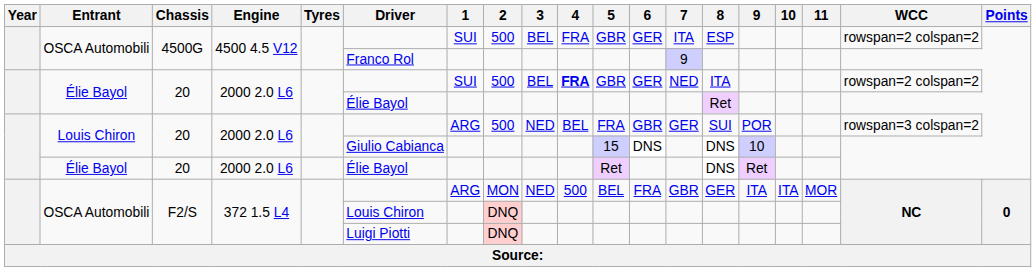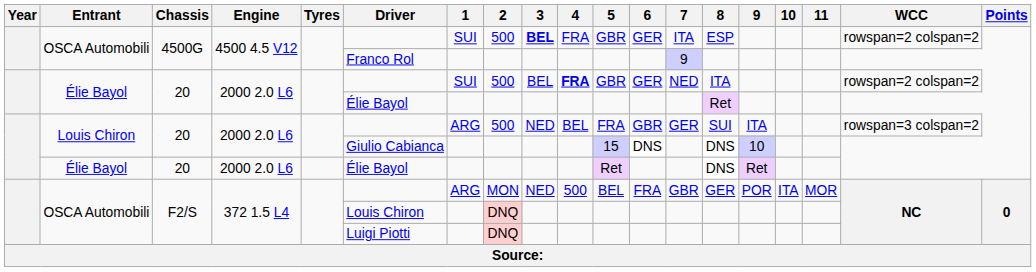 <table class="wikitable" style="text-align:center; font-size:90%">
 <tr>
 <th>Year</th>
 <th>Entrant</th>
 <th>Chassis</th>
 <th>Engine</th>
 <th>Tyres</th>
 <th>Driver</th>
 <th>1</th>
 <th>2</th>
 <th>3</th>
 <th>4</th>
 <th>5</th>
 <th>6</th>
 <th>7</th>
 <th>8</th>
 <th>9</th>
 <th>10</th>
 <th>11</th>
 <th>WCC</th>
 <th><a href='#'>Points</a></th>
 </tr>
 <tr>
 <th rowspan=2></th>
 <td rowspan=2>OSCA Automobili</td>
 <td rowspan=2>4500G</td>
 <td rowspan=2>4500 4.5 <a href='#'>V12</a></td>
 <td rowspan=2></td>
 <td></td>
 <td><a href='#'>SUI</a></td>
 <td><a href='#'>500</a></td>
-<td><a href='#'>BEL</a></td>
+<td><strong><a href='#'>BEL</a></strong></td>
 <td><a href='#'>FRA</a></td>
 <td><a href='#'>GBR</a></td>
 <td><a href='#'>GER</a></td>
 <td><a href='#'>ITA</a></td>
 <td><a href='#'>ESP</a></td>
 <td></td>
 <td></td>
 <td></td>
 <td>rowspan=2 colspan=2 </td>
 </tr>
 <tr>
 <td align="left"> <a href='#'>Franco Rol</a></td>
 <td></td>
 <td></td>
 <td></td>
 <td></td>
 <td></td>
 <td></td>
 <td style="background:#cfcfff;">9</td>
 <td></td>
 <td></td>
 <td></td>
 <td></td>
 </tr>
 <tr>
 <th rowspan=2></th>
 <td rowspan=2><a href='#'>Élie Bayol</a></td>
 <td rowspan=2>20</td>
 <td rowspan=2>2000 2.0 <a href='#'>L6</a></td>
 <td rowspan=2></td>
 <td></td>
 <td><a href='#'>SUI</a></td>
 <td><a href='#'>500</a></td>
 <td><a href='#'>BEL</a></td>
 <td><strong><a href='#'>FRA</a></strong></td>
 <td><a href='#'>GBR</a></td>
 <td><a href='#'>GER</a></td>
 <td><a href='#'>NED</a></td>
 <td><a href='#'>ITA</a></td>
 <td></td>
 <td></td>
 <td></td>
 <td>rowspan=2 colspan=2 </td>
 </tr>
 <tr>
 <td align="left"> <a href='#'>Élie Bayol</a></td>
 <td></td>
 <td></td>
 <td></td>
 <td></td>
 <td></td>
 <td></td>
 <td></td>
 <td style="background:#efcfff;">Ret</td>
 <td></td>
 <td></td>
 <td></td>
 </tr>
 <tr>
 <th rowspan=3></th>
 <td rowspan=2><a href='#'>Louis Chiron</a></td>
 <td rowspan=2>20</td>
 <td rowspan=2>2000 2.0 <a href='#'>L6</a></td>
 <td rowspan=2></td>
 <td></td>
 <td><a href='#'>ARG</a></td>
 <td><a href='#'>500</a></td>
 <td><a href='#'>NED</a></td>
 <td><a href='#'>BEL</a></td>
 <td><a href='#'>FRA</a></td>
 <td><a href='#'>GBR</a></td>
 <td><a href='#'>GER</a></td>
 <td><a href='#'>SUI</a></td>
-<td><a href='#'>POR</a></td>
+<td><a href='#'>ITA</a></td>
 <td></td>
 <td></td>
 <td>rowspan=3 colspan=2 </td>
 </tr>
 <tr>
 <td align="left"> <a href='#'>Giulio Cabianca</a></td>
 <td></td>
 <td></td>
 <td></td>
 <td></td>
 <td style="background:#CFCFFF;">15</td>
 <td style="background:#FFFFFF;">DNS</td>
 <td></td>
 <td style="background:#FFFFFF;">DNS</td>
 <td style="background:#CFCFFF;">10</td>
 <td></td>
 <td></td>
 </tr>
 <tr>
 <td><a href='#'>Élie Bayol</a></td>
 <td>20</td>
 <td>2000 2.0 <a href='#'>L6</a></td>
 <td></td>
 <td align="left"> <a href='#'>Élie Bayol</a></td>
 <td></td>
 <td></td>
 <td></td>
 <td></td>
 <td style="background:#EFCFFF;">Ret</td>
 <td></td>
 <td></td>
 <td style="background:#FFFFFF;">DNS</td>
 <td style="background:#EFCFFF;">Ret</td>
 <td></td>
 <td></td>
 </tr>
 <tr>
 <th rowspan=3></th>
 <td rowspan=3>OSCA Automobili</td>
 <td rowspan=3>F2/S</td>
 <td rowspan=3>372 1.5 <a href='#'>L4</a></td>
 <td rowspan=3></td>
 <td></td>
 <td><a href='#'>ARG</a></td>
 <td><a href='#'>MON</a></td>
 <td><a href='#'>NED</a></td>
 <td><a href='#'>500</a></td>
 <td><a href='#'>BEL</a></td>
 <td><a href='#'>FRA</a></td>
 <td><a href='#'>GBR</a></td>
 <td><a href='#'>GER</a></td>
-<td><a href='#'>ITA</a></td>
+<td><a href='#'>POR</a></td>
 <td><a href='#'>ITA</a></td>
 <td><a href='#'>MOR</a></td>
 <th rowspan=3>NC</th>
 <th rowspan=3>0</th>
 </tr>
 <tr>
 <td align="left"> <a href='#'>Louis Chiron</a></td>
 <td></td>
 <td style="background:#ffcfcf;">DNQ</td>
 <td></td>
 <td></td>
 <td></td>
 <td></td>
 <td></td>
 <td></td>
 <td></td>
 <td></td>
 <td></td>
 </tr>
 <tr>
 <td align="left"> <a href='#'>Luigi Piotti</a></td>
 <td></td>
 <td style="background:#ffcfcf;">DNQ</td>
 <td></td>
 <td></td>
 <td></td>
 <td></td>
 <td></td>
 <td></td>
 <td></td>
 <td></td>
 <td></td>
 </tr>
 <tr>
 <th colspan="19">Source:</th>
 </tr>
 </table>
